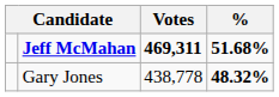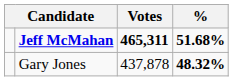 <table class="wikitable">
 <tr>
 <th colspan="2" rowspan="1" align="center" valign="top"><strong>Candidate</strong></th>
 <th valign="top"><strong>Votes</strong></th>
 <th valign="top"><strong>%</strong></th>
 </tr>
 <tr>
 <td style="background-color:"> </td>
 <td><strong><a href='#'>Jeff McMahan</a></strong></td>
-<td><strong>469,311</strong></td>
+<td><strong>465,311</strong></td>
 <td><strong>51.68%</strong></td>
 </tr>
 <tr>
 <td style="background-color:"> </td>
 <td>Gary Jones</td>
-<td>438,778</td>
+<td>437,878</td>
 <td><strong>48.32%</strong></td>
 </tr>
 </table>
